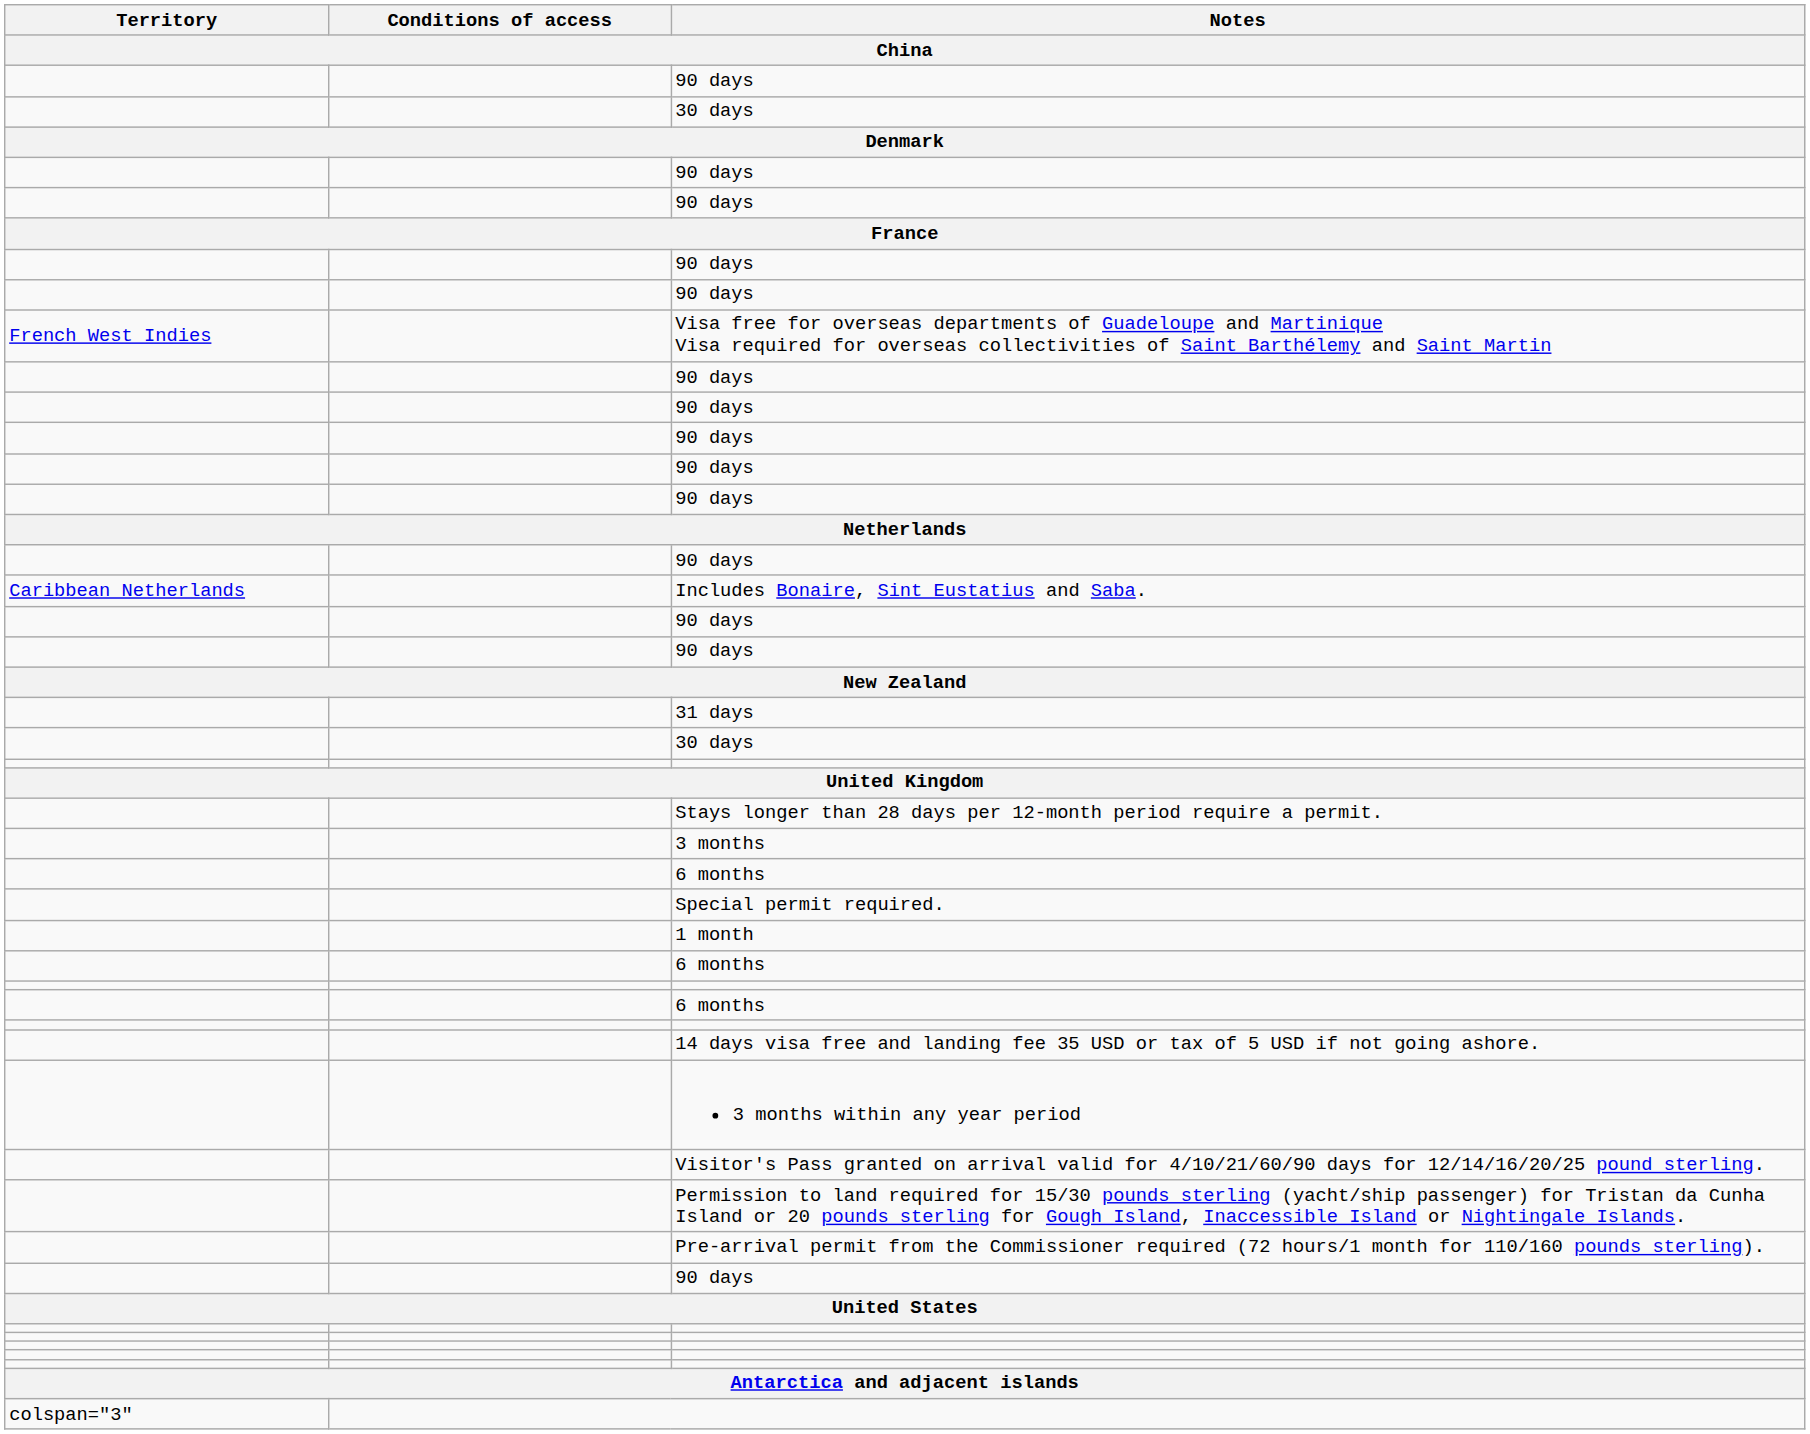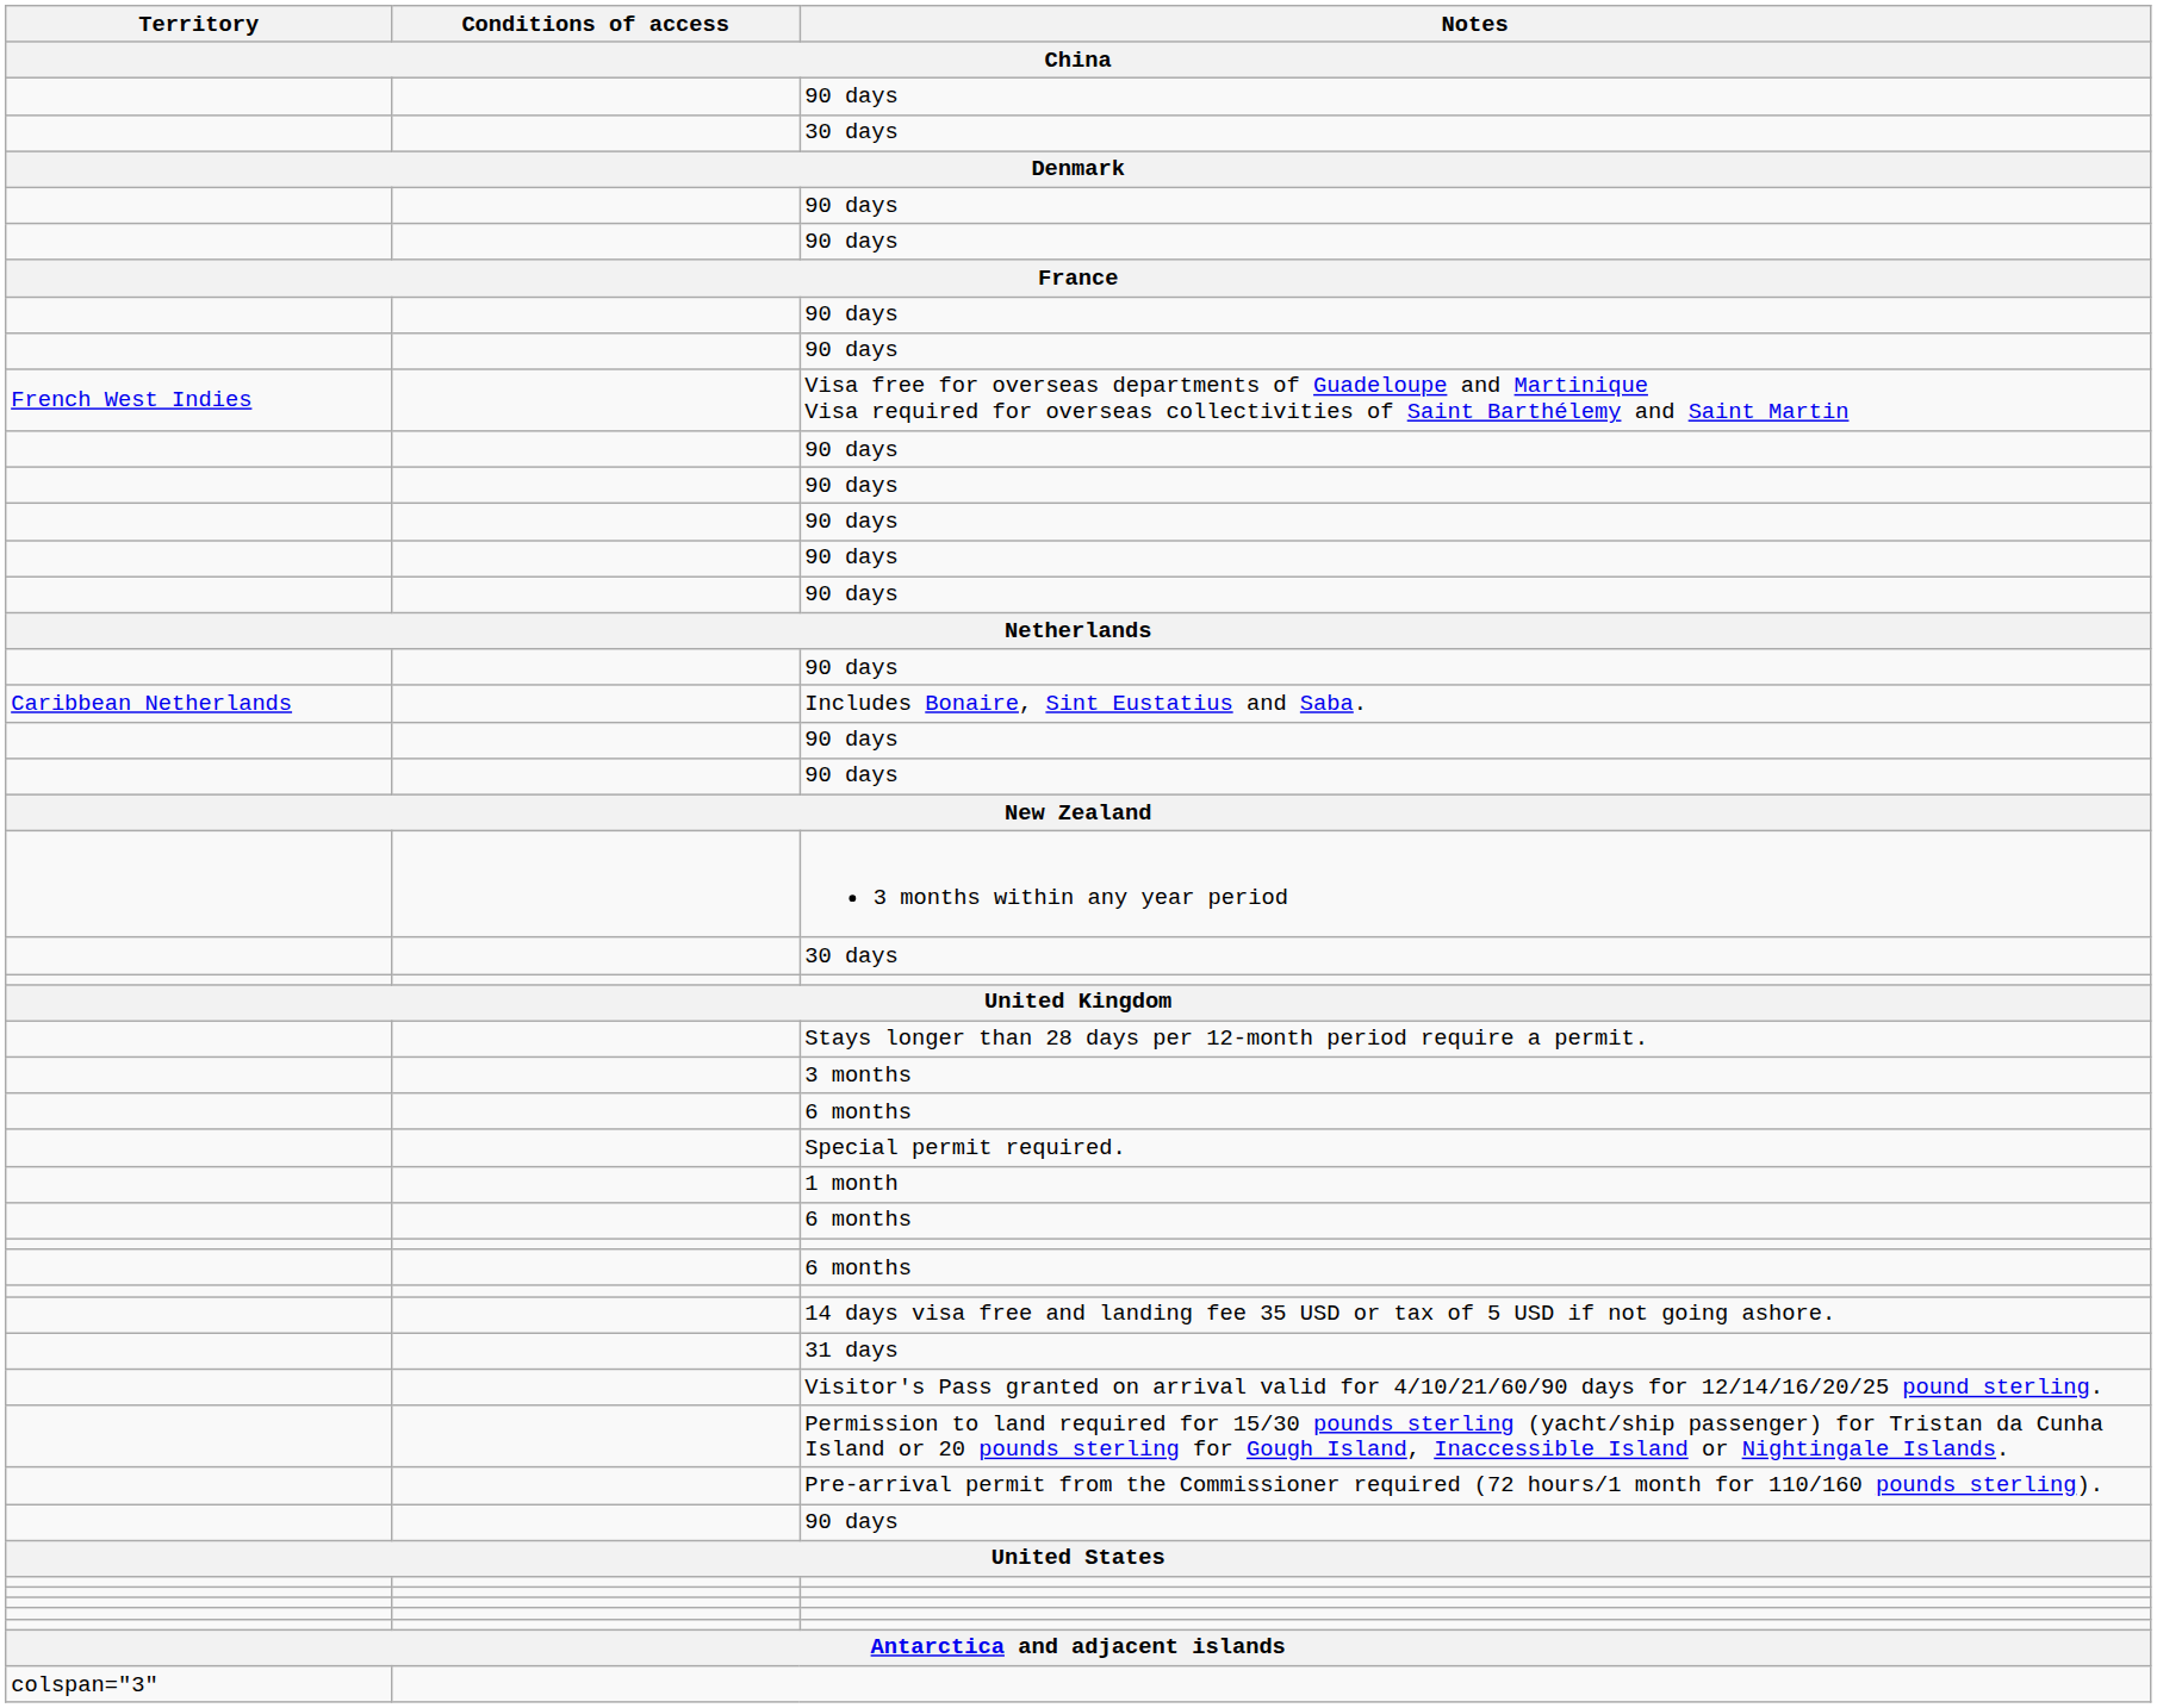 <table class="wikitable" style="text-align: left; table-layout: fixed;">
 <tr>
 <th style="width:18%;">Territory</th>
 <th style="width:19%;">Conditions of access</th>
 <th>Notes</th>
 </tr>
 <tr>
 <th colspan="3">China</th>
 </tr>
 <tr>
 <td></td>
 <td></td>
 <td>90 days</td>
 </tr>
 <tr>
 <td></td>
 <td></td>
 <td>30 days</td>
 </tr>
 <tr>
 <th colspan="3">Denmark</th>
 </tr>
 <tr>
 <td></td>
 <td></td>
 <td>90 days</td>
 </tr>
 <tr>
 <td></td>
 <td></td>
 <td>90 days</td>
 </tr>
 <tr>
 <th colspan="3">France</th>
 </tr>
 <tr>
 <td></td>
 <td></td>
 <td>90 days</td>
 </tr>
 <tr>
 <td></td>
 <td></td>
 <td>90 days</td>
 </tr>
 <tr>
 <td> <a href='#'>French West Indies</a></td>
 <td></td>
 <td>Visa free for overseas departments of <a href='#'>Guadeloupe</a> and <a href='#'>Martinique</a><br> Visa required for overseas collectivities of <a href='#'>Saint Barthélemy</a> and <a href='#'>Saint Martin</a></td>
 </tr>
 <tr>
 <td></td>
 <td></td>
 <td>90 days</td>
 </tr>
 <tr>
 <td></td>
 <td></td>
 <td>90 days</td>
 </tr>
 <tr>
 <td></td>
 <td></td>
 <td>90 days</td>
 </tr>
 <tr>
 <td></td>
 <td></td>
 <td>90 days</td>
 </tr>
 <tr>
 <td></td>
 <td></td>
 <td>90 days</td>
 </tr>
 <tr>
 <th colspan="3">Netherlands</th>
 </tr>
 <tr>
 <td></td>
 <td></td>
 <td>90 days</td>
 </tr>
 <tr>
 <td> <a href='#'>Caribbean Netherlands</a></td>
 <td></td>
 <td>Includes <a href='#'>Bonaire</a>, <a href='#'>Sint Eustatius</a> and <a href='#'>Saba</a>.</td>
 </tr>
 <tr>
 <td></td>
 <td></td>
 <td>90 days</td>
 </tr>
 <tr>
 <td></td>
 <td></td>
 <td>90 days</td>
 </tr>
 <tr>
 <th colspan="3">New Zealand</th>
 </tr>
 <tr>
 <td></td>
 <td></td>
-<td>31 days</td>
+<td><br><ul><li>3 months within any year period</li></ul></td>
 </tr>
 <tr>
 <td></td>
 <td></td>
 <td>30 days</td>
 </tr>
 <tr>
 <td></td>
 <td></td>
 <td></td>
 </tr>
 <tr>
 <th colspan="3">United Kingdom</th>
 </tr>
 <tr>
 <td></td>
 <td></td>
 <td>Stays longer than 28 days per 12-month period require a permit.</td>
 </tr>
 <tr>
 <td></td>
 <td></td>
 <td>3 months</td>
 </tr>
 <tr>
 <td></td>
 <td></td>
 <td>6 months</td>
 </tr>
 <tr>
 <td></td>
 <td></td>
 <td>Special permit required.</td>
 </tr>
 <tr>
 <td></td>
 <td></td>
 <td>1 month</td>
 </tr>
 <tr>
 <td></td>
 <td></td>
 <td>6 months</td>
 </tr>
 <tr>
 <td></td>
 <td></td>
 <td></td>
 </tr>
 <tr>
 <td></td>
 <td></td>
 <td>6 months</td>
 </tr>
 <tr>
 <td></td>
 <td></td>
 <td></td>
 </tr>
 <tr>
 <td></td>
 <td></td>
 <td>14 days visa free and landing fee 35 USD or tax of 5 USD if not going ashore.</td>
 </tr>
 <tr>
 <td></td>
 <td></td>
-<td><br><ul><li>3 months within any year period</li></ul></td>
+<td>31 days</td>
 </tr>
 <tr>
 <td></td>
 <td></td>
 <td>Visitor's Pass granted on arrival valid for 4/10/21/60/90 days for 12/14/16/20/25 <a href='#'>pound sterling</a>.</td>
 </tr>
 <tr>
 <td></td>
 <td></td>
 <td>Permission to land required for 15/30 <a href='#'>pounds sterling</a> (yacht/ship passenger) for Tristan da Cunha Island or 20 <a href='#'>pounds sterling</a> for <a href='#'>Gough Island</a>, <a href='#'>Inaccessible Island</a> or <a href='#'>Nightingale Islands</a>.</td>
 </tr>
 <tr>
 <td></td>
 <td></td>
 <td>Pre-arrival permit from the Commissioner required (72 hours/1 month for 110/160 <a href='#'>pounds sterling</a>).</td>
 </tr>
 <tr>
 <td></td>
 <td></td>
 <td>90 days</td>
 </tr>
 <tr>
 <th colspan="3">United States</th>
 </tr>
 <tr>
 <td></td>
 <td></td>
 <td></td>
 </tr>
 <tr>
 <td></td>
 <td></td>
 <td></td>
 </tr>
 <tr>
 <td></td>
 <td></td>
 <td></td>
 </tr>
 <tr>
 <td></td>
 <td></td>
 <td></td>
 </tr>
 <tr>
 <td></td>
 <td></td>
 <td></td>
 </tr>
 <tr>
 <th colspan="3"><a href='#'>Antarctica</a> and adjacent islands</th>
 </tr>
 <tr>
 <td>colspan="3" </td>
 </tr>
 </table>
